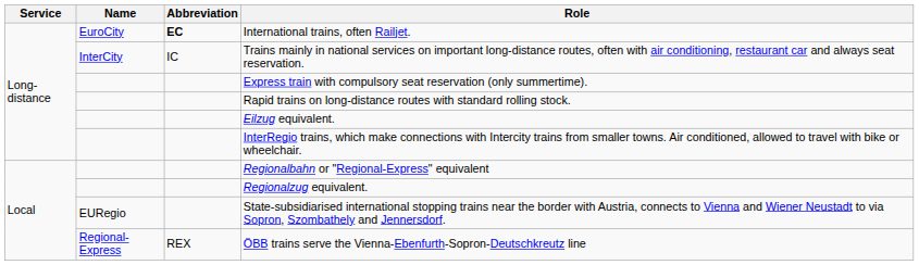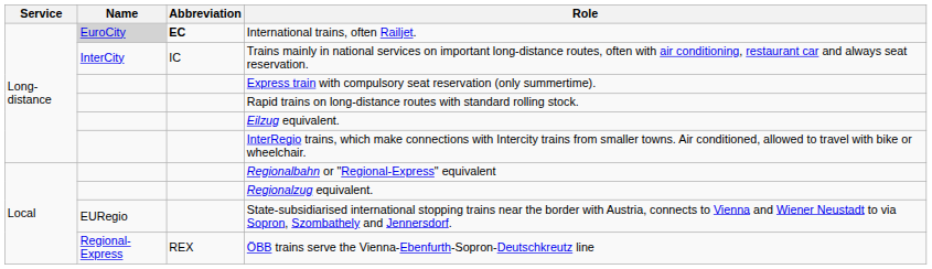 <table class="wikitable">
 <tr>
 <th>Service</th>
 <th>Name</th>
 <th>Abbreviation</th>
 <th>Role</th>
 </tr>
 <tr>
 <td rowspan="6">Long-distance</td>
-<td><a href='#'>EuroCity</a></td>
+<td style="background: lightgrey;"><a href='#'>EuroCity</a></td>
 <td><strong>EC</strong></td>
 <td>International trains, often <a href='#'>Railjet</a>.</td>
 </tr>
 <tr>
 <td><a href='#'>InterCity</a></td>
 <td>IC</td>
 <td>Trains mainly in national services on important long-distance routes, often with <a href='#'>air conditioning</a>, <a href='#'>restaurant car</a> and always seat reservation.</td>
 </tr>
 <tr>
 <td></td>
 <td></td>
 <td><a href='#'>Express train</a> with compulsory seat reservation (only summertime).</td>
 </tr>
 <tr>
 <td></td>
 <td></td>
 <td>Rapid trains on long-distance routes with standard rolling stock.</td>
 </tr>
 <tr>
 <td></td>
 <td></td>
 <td><em><a href='#'>Eilzug</a></em> equivalent.</td>
 </tr>
 <tr>
 <td></td>
 <td></td>
 <td><a href='#'>InterRegio</a> trains, which make connections with Intercity trains from smaller towns. Air conditioned, allowed to travel with bike or wheelchair.</td>
 </tr>
 <tr>
 <td rowspan="4">Local</td>
 <td></td>
 <td></td>
 <td><em><a href='#'>Regionalbahn</a></em> or "<a href='#'>Regional-Express</a>" equivalent</td>
 </tr>
 <tr>
 <td></td>
 <td></td>
 <td><em><a href='#'>Regionalzug</a></em> equivalent.</td>
 </tr>
 <tr>
 <td>EURegio</td>
 <td></td>
 <td>State-subsidiarised international stopping trains near the border with Austria, connects  to <a href='#'>Vienna</a> and <a href='#'>Wiener Neustadt</a> to  via <a href='#'>Sopron</a>, <a href='#'>Szombathely</a> and <a href='#'>Jennersdorf</a>.</td>
 </tr>
 <tr>
 <td><a href='#'>Regional-Express</a></td>
 <td>REX</td>
 <td><a href='#'>ÖBB</a> trains serve the Vienna-<a href='#'>Ebenfurth</a>-Sopron-<a href='#'>Deutschkreutz</a> line</td>
 </tr>
 </table>
